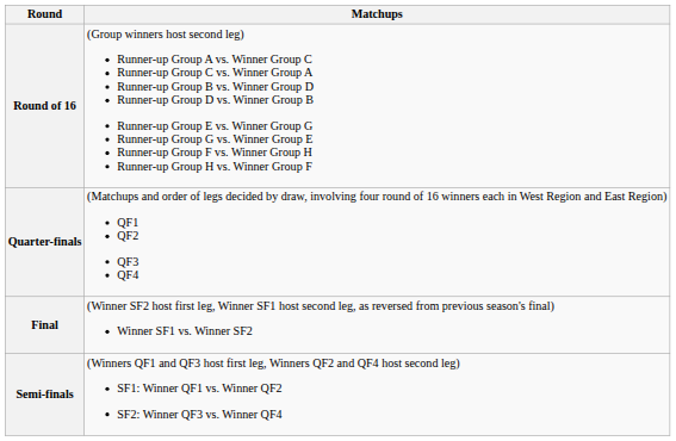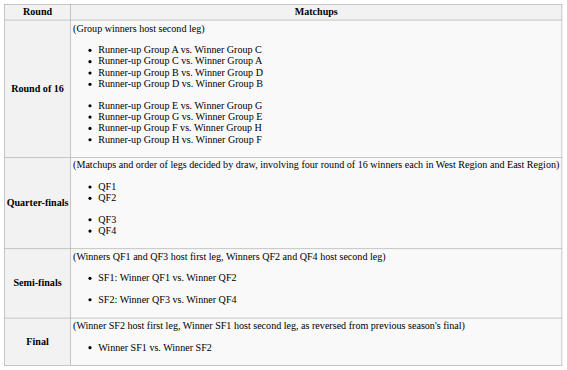 <table class=wikitable>
 <tr>
 <th>Round</th>
 <th>Matchups</th>
 </tr>
 <tr>
 <th>Round of 16</th>
 <td>(Group winners host second leg)<br> <ul><li>Runner-up Group A vs. Winner Group C</li><li>Runner-up Group C vs. Winner Group A</li><li>Runner-up Group B vs. Winner Group D</li><li>Runner-up Group D vs. Winner Group B</li></ul><ul><li>Runner-up Group E vs. Winner Group G</li><li>Runner-up Group G vs. Winner Group E</li><li>Runner-up Group F vs. Winner Group H</li><li>Runner-up Group H vs. Winner Group F</li></ul></td>
 </tr>
 <tr>
 <th>Quarter-finals</th>
 <td>(Matchups and order of legs decided by draw, involving four round of 16 winners each in West Region and East Region)<br> <ul><li>QF1</li><li>QF2</li></ul><ul><li>QF3</li><li>QF4</li></ul></td>
 </tr>
 <tr>
+<th>Semi-finals</th>
+<td>(Winners QF1 and QF3 host first leg, Winners QF2 and QF4 host second leg)<br> <ul><li>SF1: Winner QF1 vs. Winner QF2</li></ul><ul><li>SF2: Winner QF3 vs. Winner QF4</li></ul></td>
+</tr>
+<tr>
 <th>Final</th>
 <td>(Winner SF2 host first leg, Winner SF1 host second leg, as reversed from previous season's final)<br><ul><li>Winner SF1 vs. Winner SF2</li></ul></td>
 </tr>
-<tr>
-<th>Semi-finals</th>
-<td>(Winners QF1 and QF3 host first leg, Winners QF2 and QF4 host second leg)<br> <ul><li>SF1: Winner QF1 vs. Winner QF2</li></ul><ul><li>SF2: Winner QF3 vs. Winner QF4</li></ul></td>
-</tr>
 </table>
